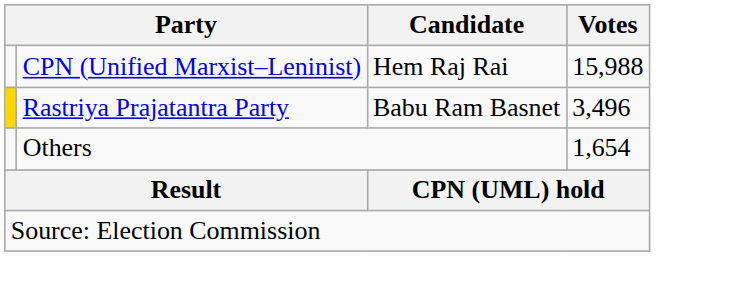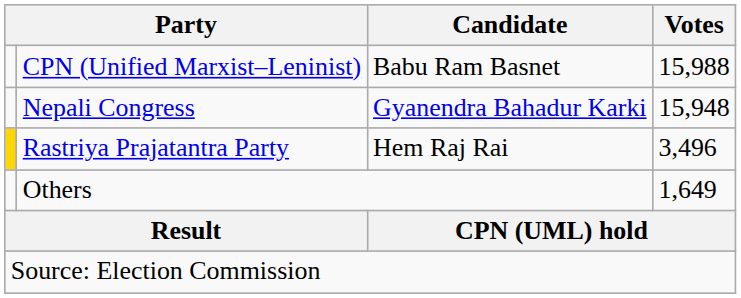 <table class="wikitable">
 <tr>
 <th colspan="2">Party</th>
 <th>Candidate</th>
 <th>Votes</th>
 </tr>
 <tr>
 <td style="background-color:"></td>
 <td><a href='#'>CPN (Unified Marxist–Leninist)</a></td>
-<td>Hem Raj Rai</td>
+<td>Babu Ram Basnet</td>
 <td>15,988</td>
+</tr>
+<tr>
+<td style="background-color:"></td>
+<td><a href='#'>Nepali Congress</a></td>
+<td><a href='#'>Gyanendra Bahadur Karki</a></td>
+<td>15,948</td>
 </tr>
 <tr>
 <td style="background-color:gold"></td>
 <td><a href='#'>Rastriya Prajatantra Party</a></td>
-<td>Babu Ram Basnet</td>
+<td>Hem Raj Rai</td>
 <td>3,496</td>
 </tr>
 <tr>
 <td></td>
 <td colspan="2">Others</td>
-<td>1,654</td>
+<td>1,649</td>
 </tr>
 <tr>
 <th colspan="2">Result</th>
 <th colspan="2">CPN (UML) hold</th>
 </tr>
 <tr>
 <td colspan="4">Source: Election Commission</td>
 </tr>
 </table>
